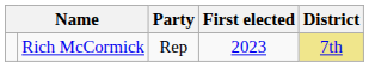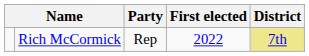 <table class=wikitable>
 <tr>
 <th colspan=2 align=center>Name</th>
 <th align=center valign=bottom>Party</th>
 <th valign=bottom align=center>First elected</th>
 <th valign=bottom align=center>District</th>
 </tr>
 <tr>
 <td style="background-color:"> </td>
 <td><a href='#'>Rich McCormick</a></td>
 <td style="text-align:center;">Rep</td>
-<td style="text-align:center;"><a href='#'>2023</a></td>
+<td style="text-align:center;"><a href='#'>2022</a></td>
 <td style="background: khaki; text-align:center;"><a href='#'>7th</a></td>
 </tr>
 </table>
